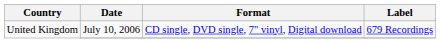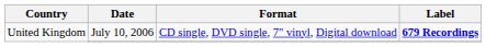 <table class="wikitable">
 <tr>
 <th>Country</th>
 <th>Date</th>
 <th>Format</th>
 <th>Label</th>
 </tr>
 <tr>
 <td rowspan="2">United Kingdom</td>
 <td>July 10, 2006</td>
 <td><a href='#'>CD single</a>, <a href='#'>DVD single</a>, <a href='#'>7" vinyl</a>, <a href='#'>Digital download</a></td>
-<td><a href='#'>679 Recordings</a></td>
+<td><strong><a href='#'>679 Recordings</a></strong></td>
 </tr>
 <tr>
 </tr>
 </table>
